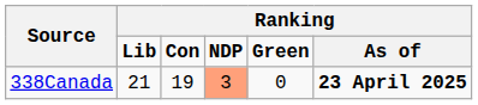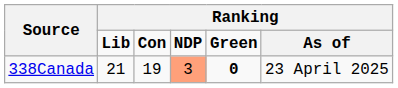 <table class="wikitable" style="text-align:center">
 <tr>
 <th rowspan="2">Source</th>
 <th colspan="6">Ranking</th>
 </tr>
 <tr>
 <td><strong>Lib</strong></td>
 <td><strong>Con</strong></td>
 <td><strong>NDP</strong></td>
 <td><strong>Green</strong></td>
 <th>As of</th>
 </tr>
 <tr>
 <td><a href='#'>338Canada</a></td>
 <td>21</td>
 <td>19</td>
 <td style="background: lightsalmon;">3</td>
-<td>0</td>
-<td><strong>23 April 2025</strong></td>
+<td><strong>0</strong></td>
+<td>23 April 2025</td>
 </tr>
 </table>
